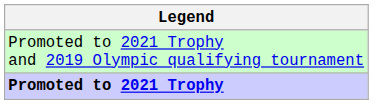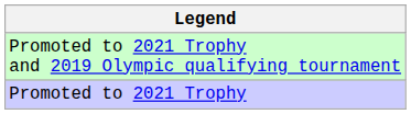 <table class="wikitable">
 <tr>
 <th>Legend</th>
 </tr>
 <tr>
 <td bgcolor=ccffcc>Promoted to <a href='#'>2021 Trophy</a> <br> and <a href='#'>2019 Olympic qualifying tournament</a></td>
 </tr>
 <tr>
-<td bgcolor=ccccff><strong>Promoted to <a href='#'>2021 Trophy</a></strong></td>
+<td bgcolor=ccccff>Promoted to <a href='#'>2021 Trophy</a></td>
 </tr>
 </table>
